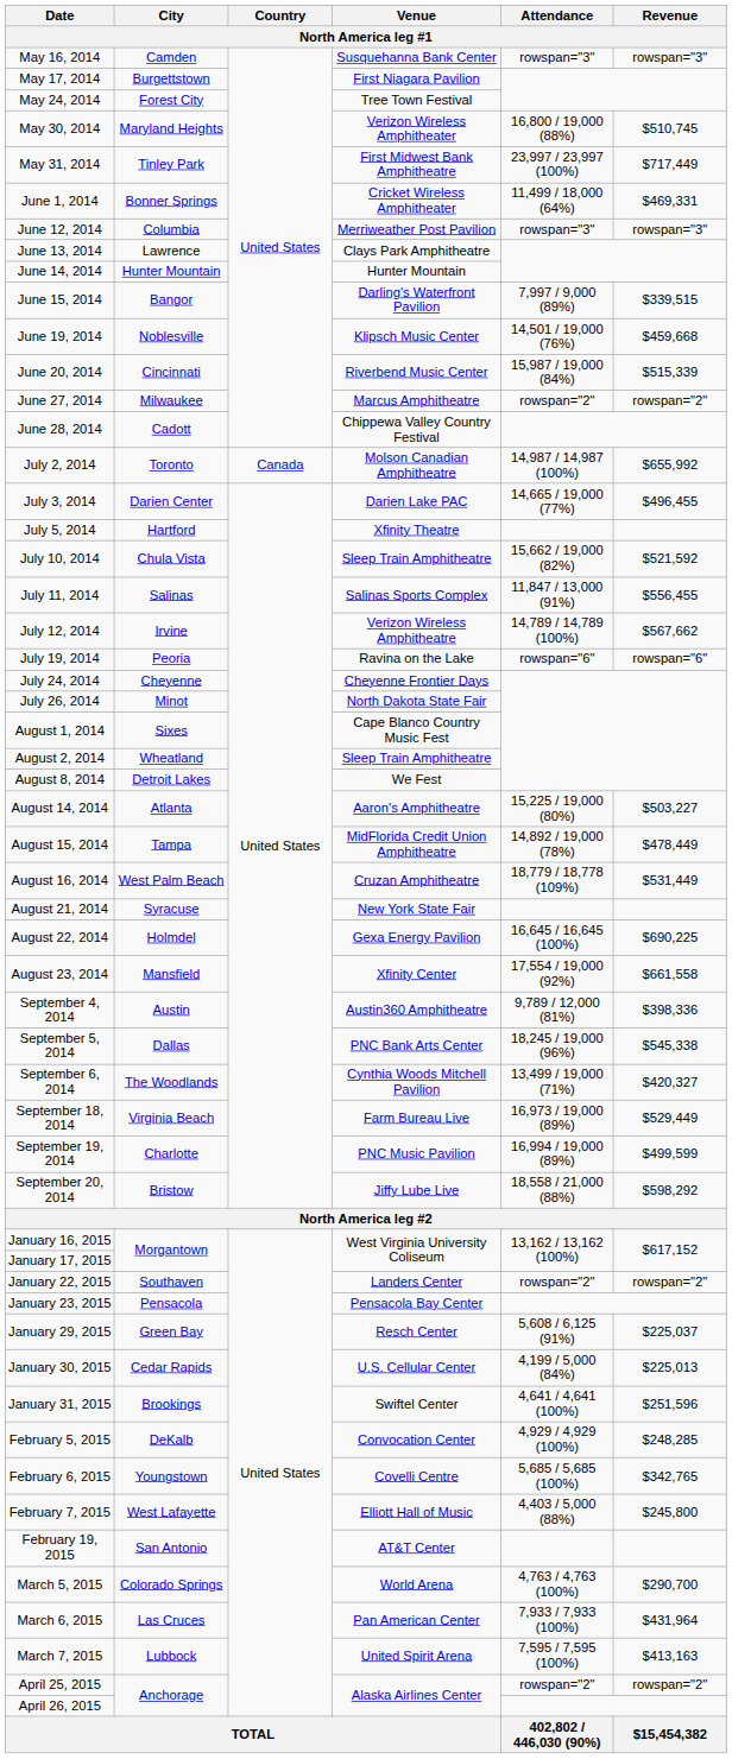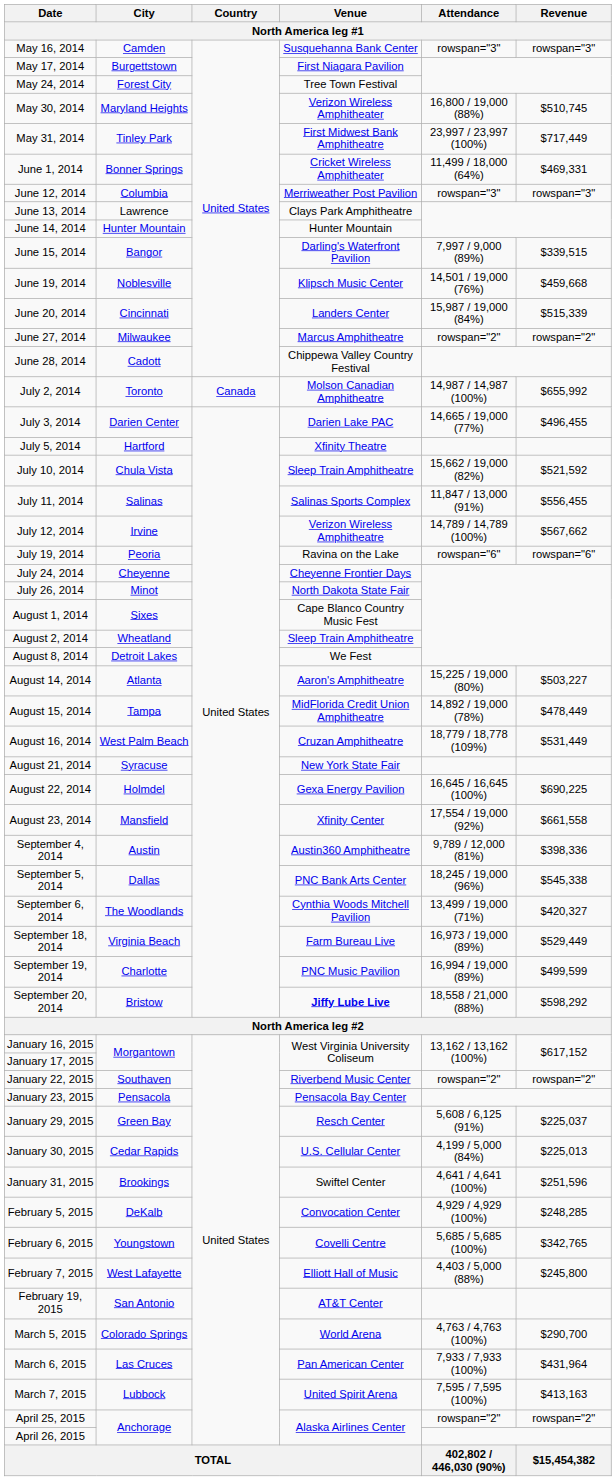 <table class="wikitable" style="text-align:center;">
 <tr>
 <th style="width:150px;">Date</th>
 <th style="width:150px;">City</th>
 <th style="width:150px;">Country</th>
 <th style="width:250px;">Venue</th>
 <th style="width:150px;">Attendance</th>
 <th style="width:150px;">Revenue</th>
 </tr>
 <tr>
 <th colspan="6">North America leg #1</th>
 </tr>
 <tr>
 <td>May 16, 2014</td>
 <td><a href='#'>Camden</a></td>
 <td rowspan="14"><a href='#'>United States</a></td>
 <td><a href='#'>Susquehanna Bank Center</a></td>
 <td>rowspan="3" </td>
 <td>rowspan="3" </td>
 </tr>
 <tr>
 <td>May 17, 2014</td>
 <td><a href='#'>Burgettstown</a></td>
 <td><a href='#'>First Niagara Pavilion</a></td>
 </tr>
 <tr>
 <td>May 24, 2014 </td>
 <td><a href='#'>Forest City</a></td>
 <td>Tree Town Festival</td>
 </tr>
 <tr>
 <td>May 30, 2014</td>
 <td><a href='#'>Maryland Heights</a></td>
 <td><a href='#'>Verizon Wireless Amphitheater</a></td>
 <td>16,800 / 19,000 (88%)</td>
 <td>$510,745</td>
 </tr>
 <tr>
 <td>May 31, 2014</td>
 <td><a href='#'>Tinley Park</a></td>
 <td><a href='#'>First Midwest Bank Amphitheatre</a></td>
 <td>23,997 / 23,997 (100%)</td>
 <td>$717,449</td>
 </tr>
 <tr>
 <td>June 1, 2014</td>
 <td><a href='#'>Bonner Springs</a></td>
 <td><a href='#'>Cricket Wireless Amphitheater</a></td>
 <td>11,499 / 18,000 (64%)</td>
 <td>$469,331</td>
 </tr>
 <tr>
 <td>June 12, 2014</td>
 <td><a href='#'>Columbia</a></td>
 <td><a href='#'>Merriweather Post Pavilion</a></td>
 <td>rowspan="3" </td>
 <td>rowspan="3" </td>
 </tr>
 <tr>
 <td>June 13, 2014</td>
 <td>Lawrence</td>
 <td>Clays Park Amphitheatre</td>
 </tr>
 <tr>
 <td>June 14, 2014</td>
 <td><a href='#'>Hunter Mountain</a></td>
 <td>Hunter Mountain</td>
 </tr>
 <tr>
 <td>June 15, 2014</td>
 <td><a href='#'>Bangor</a></td>
 <td><a href='#'>Darling's Waterfront Pavilion</a></td>
 <td>7,997 / 9,000 (89%)</td>
 <td>$339,515</td>
 </tr>
 <tr>
 <td>June 19, 2014</td>
 <td><a href='#'>Noblesville</a></td>
 <td><a href='#'>Klipsch Music Center</a></td>
 <td>14,501 / 19,000 (76%)</td>
 <td>$459,668</td>
 </tr>
 <tr>
 <td>June 20, 2014</td>
 <td><a href='#'>Cincinnati</a></td>
-<td><a href='#'>Riverbend Music Center</a></td>
+<td><a href='#'>Landers Center</a></td>
 <td>15,987 / 19,000 (84%)</td>
 <td>$515,339</td>
 </tr>
 <tr>
 <td>June 27, 2014</td>
 <td><a href='#'>Milwaukee</a></td>
 <td><a href='#'>Marcus Amphitheatre</a></td>
 <td>rowspan="2" </td>
 <td>rowspan="2" </td>
 </tr>
 <tr>
 <td>June 28, 2014</td>
 <td><a href='#'>Cadott</a></td>
 <td>Chippewa Valley Country Festival</td>
 </tr>
 <tr>
 <td>July 2, 2014</td>
 <td><a href='#'>Toronto</a></td>
 <td><a href='#'>Canada</a></td>
 <td><a href='#'>Molson Canadian Amphitheatre</a></td>
 <td>14,987 / 14,987 (100%)</td>
 <td>$655,992</td>
 </tr>
 <tr>
 <td>July 3, 2014</td>
 <td><a href='#'>Darien Center</a></td>
 <td rowspan="23">United States</td>
 <td><a href='#'>Darien Lake PAC</a></td>
 <td>14,665 / 19,000 (77%)</td>
 <td>$496,455</td>
 </tr>
 <tr>
 <td>July 5, 2014</td>
 <td><a href='#'>Hartford</a></td>
 <td><a href='#'>Xfinity Theatre</a></td>
 <td></td>
 <td></td>
 </tr>
 <tr>
 <td>July 10, 2014</td>
 <td><a href='#'>Chula Vista</a></td>
 <td><a href='#'>Sleep Train Amphitheatre</a></td>
 <td>15,662 / 19,000 (82%)</td>
 <td>$521,592</td>
 </tr>
 <tr>
 <td>July 11, 2014</td>
 <td><a href='#'>Salinas</a></td>
 <td><a href='#'>Salinas Sports Complex</a></td>
 <td>11,847 / 13,000 (91%)</td>
 <td>$556,455</td>
 </tr>
 <tr>
 <td>July 12, 2014</td>
 <td><a href='#'>Irvine</a></td>
 <td><a href='#'>Verizon Wireless Amphitheatre</a></td>
 <td>14,789 / 14,789 (100%)</td>
 <td>$567,662</td>
 </tr>
 <tr>
 <td>July 19, 2014</td>
 <td><a href='#'>Peoria</a></td>
 <td>Ravina on the Lake</td>
 <td>rowspan="6" </td>
 <td>rowspan="6" </td>
 </tr>
 <tr>
 <td>July 24, 2014 </td>
 <td><a href='#'>Cheyenne</a></td>
 <td><a href='#'>Cheyenne Frontier Days</a></td>
 </tr>
 <tr>
 <td>July 26, 2014 </td>
 <td><a href='#'>Minot</a></td>
 <td><a href='#'>North Dakota State Fair</a></td>
 </tr>
 <tr>
 <td>August 1, 2014 </td>
 <td><a href='#'>Sixes</a></td>
 <td>Cape Blanco Country Music Fest</td>
 </tr>
 <tr>
 <td>August 2, 2014</td>
 <td><a href='#'>Wheatland</a></td>
 <td><a href='#'>Sleep Train Amphitheatre</a></td>
 </tr>
 <tr>
 <td>August 8, 2014 </td>
 <td><a href='#'>Detroit Lakes</a></td>
 <td>We Fest</td>
 </tr>
 <tr>
 <td>August 14, 2014</td>
 <td><a href='#'>Atlanta</a></td>
 <td><a href='#'>Aaron's Amphitheatre</a></td>
 <td>15,225 / 19,000 (80%)</td>
 <td>$503,227</td>
 </tr>
 <tr>
 <td>August 15, 2014</td>
 <td><a href='#'>Tampa</a></td>
 <td><a href='#'>MidFlorida Credit Union Amphitheatre</a></td>
 <td>14,892 / 19,000 (78%)</td>
 <td>$478,449</td>
 </tr>
 <tr>
 <td>August 16, 2014</td>
 <td><a href='#'>West Palm Beach</a></td>
 <td><a href='#'>Cruzan Amphitheatre</a></td>
 <td>18,779 / 18,778 (109%)</td>
 <td>$531,449</td>
 </tr>
 <tr>
 <td>August 21, 2014 </td>
 <td><a href='#'>Syracuse</a></td>
 <td><a href='#'>New York State Fair</a></td>
 <td></td>
 <td></td>
 </tr>
 <tr>
 <td>August 22, 2014</td>
 <td><a href='#'>Holmdel</a></td>
 <td><a href='#'>Gexa Energy Pavilion</a></td>
 <td>16,645 / 16,645 (100%)</td>
 <td>$690,225</td>
 </tr>
 <tr>
 <td>August 23, 2014</td>
 <td><a href='#'>Mansfield</a></td>
 <td><a href='#'>Xfinity Center</a></td>
 <td>17,554 / 19,000 (92%)</td>
 <td>$661,558</td>
 </tr>
 <tr>
 <td>September 4, 2014</td>
 <td><a href='#'>Austin</a></td>
 <td><a href='#'>Austin360 Amphitheatre</a></td>
 <td>9,789 / 12,000 (81%)</td>
 <td>$398,336</td>
 </tr>
 <tr>
 <td>September 5, 2014</td>
 <td><a href='#'>Dallas</a></td>
 <td><a href='#'>PNC Bank Arts Center</a></td>
 <td>18,245 / 19,000 (96%)</td>
 <td>$545,338</td>
 </tr>
 <tr>
 <td>September 6, 2014</td>
 <td><a href='#'>The Woodlands</a></td>
 <td><a href='#'>Cynthia Woods Mitchell Pavilion</a></td>
 <td>13,499 / 19,000 (71%)</td>
 <td>$420,327</td>
 </tr>
 <tr>
 <td>September 18, 2014</td>
 <td><a href='#'>Virginia Beach</a></td>
 <td><a href='#'>Farm Bureau Live</a></td>
 <td>16,973 / 19,000 (89%)</td>
 <td>$529,449</td>
 </tr>
 <tr>
 <td>September 19, 2014</td>
 <td><a href='#'>Charlotte</a></td>
 <td><a href='#'>PNC Music Pavilion</a></td>
 <td>16,994 / 19,000 (89%)</td>
 <td>$499,599</td>
 </tr>
 <tr>
 <td>September 20, 2014</td>
 <td><a href='#'>Bristow</a></td>
-<td><a href='#'>Jiffy Lube Live</a></td>
+<td><strong><a href='#'>Jiffy Lube Live</a></strong></td>
 <td>18,558 / 21,000 (88%)</td>
 <td>$598,292</td>
 </tr>
 <tr>
 <th colspan="6">North America leg #2</th>
 </tr>
 <tr>
 <td>January 16, 2015</td>
 <td rowspan="2"><a href='#'>Morgantown</a></td>
 <td rowspan="16">United States</td>
 <td rowspan="2">West Virginia University Coliseum</td>
 <td rowspan="2">13,162 / 13,162 (100%)</td>
 <td rowspan="2">$617,152</td>
 </tr>
 <tr>
 <td>January 17, 2015</td>
 </tr>
 <tr>
 <td>January 22, 2015</td>
 <td><a href='#'>Southaven</a></td>
-<td><a href='#'>Landers Center</a></td>
+<td><a href='#'>Riverbend Music Center</a></td>
 <td>rowspan="2" </td>
 <td>rowspan="2" </td>
 </tr>
 <tr>
 <td>January 23, 2015</td>
 <td><a href='#'>Pensacola</a></td>
 <td><a href='#'>Pensacola Bay Center</a></td>
 </tr>
 <tr>
 <td>January 29, 2015</td>
 <td><a href='#'>Green Bay</a></td>
 <td><a href='#'>Resch Center</a></td>
 <td>5,608 / 6,125 (91%)</td>
 <td>$225,037</td>
 </tr>
 <tr>
 <td>January 30, 2015</td>
 <td><a href='#'>Cedar Rapids</a></td>
 <td><a href='#'>U.S. Cellular Center</a></td>
 <td>4,199 / 5,000 (84%)</td>
 <td>$225,013</td>
 </tr>
 <tr>
 <td>January 31, 2015</td>
 <td><a href='#'>Brookings</a></td>
 <td>Swiftel Center</td>
 <td>4,641 / 4,641 (100%)</td>
 <td>$251,596</td>
 </tr>
 <tr>
 <td>February 5, 2015</td>
 <td><a href='#'>DeKalb</a></td>
 <td><a href='#'>Convocation Center</a></td>
 <td>4,929 / 4,929 (100%)</td>
 <td>$248,285</td>
 </tr>
 <tr>
 <td>February 6, 2015</td>
 <td><a href='#'>Youngstown</a></td>
 <td><a href='#'>Covelli Centre</a></td>
 <td>5,685 / 5,685 (100%)</td>
 <td>$342,765</td>
 </tr>
 <tr>
 <td>February 7, 2015</td>
 <td><a href='#'>West Lafayette</a></td>
 <td><a href='#'>Elliott Hall of Music</a></td>
 <td>4,403 / 5,000 (88%)</td>
 <td>$245,800</td>
 </tr>
 <tr>
 <td>February 19, 2015 </td>
 <td><a href='#'>San Antonio</a></td>
 <td><a href='#'>AT&T Center</a></td>
 <td></td>
 <td></td>
 </tr>
 <tr>
 <td>March 5, 2015</td>
 <td><a href='#'>Colorado Springs</a></td>
 <td><a href='#'>World Arena</a></td>
 <td>4,763 / 4,763 (100%)</td>
 <td>$290,700</td>
 </tr>
 <tr>
 <td>March 6, 2015</td>
 <td><a href='#'>Las Cruces</a></td>
 <td><a href='#'>Pan American Center</a></td>
 <td>7,933 / 7,933 (100%)</td>
 <td>$431,964</td>
 </tr>
 <tr>
 <td>March 7, 2015</td>
 <td><a href='#'>Lubbock</a></td>
 <td><a href='#'>United Spirit Arena</a></td>
 <td>7,595 / 7,595 (100%)</td>
 <td>$413,163</td>
 </tr>
 <tr>
 <td>April 25, 2015</td>
 <td rowspan="2"><a href='#'>Anchorage</a></td>
 <td rowspan="2"><a href='#'>Alaska Airlines Center</a></td>
 <td>rowspan="2" </td>
 <td>rowspan="2" </td>
 </tr>
 <tr>
 <td>April 26, 2015</td>
 </tr>
 <tr>
 <th colspan="4">TOTAL</th>
 <th>402,802 / 446,030 (90%)</th>
 <th>$15,454,382</th>
 </tr>
 </table>
